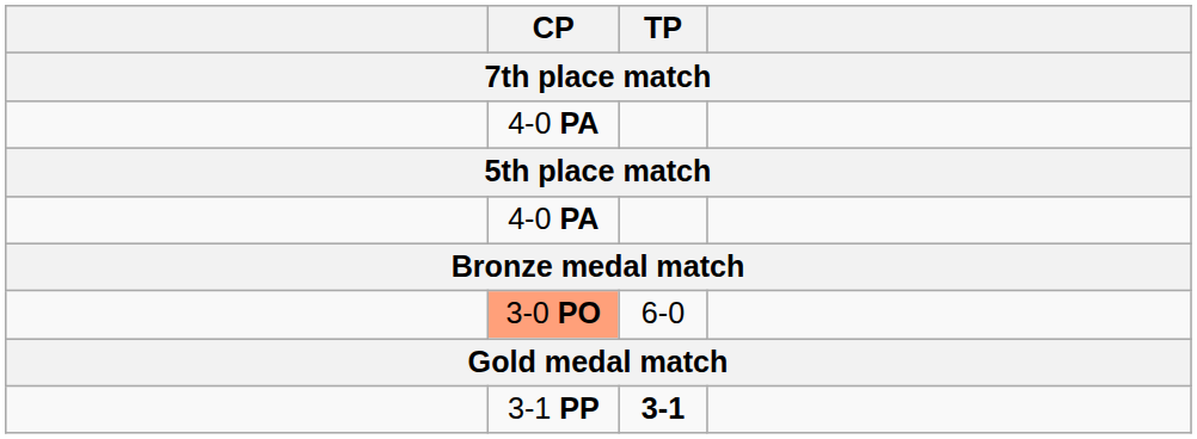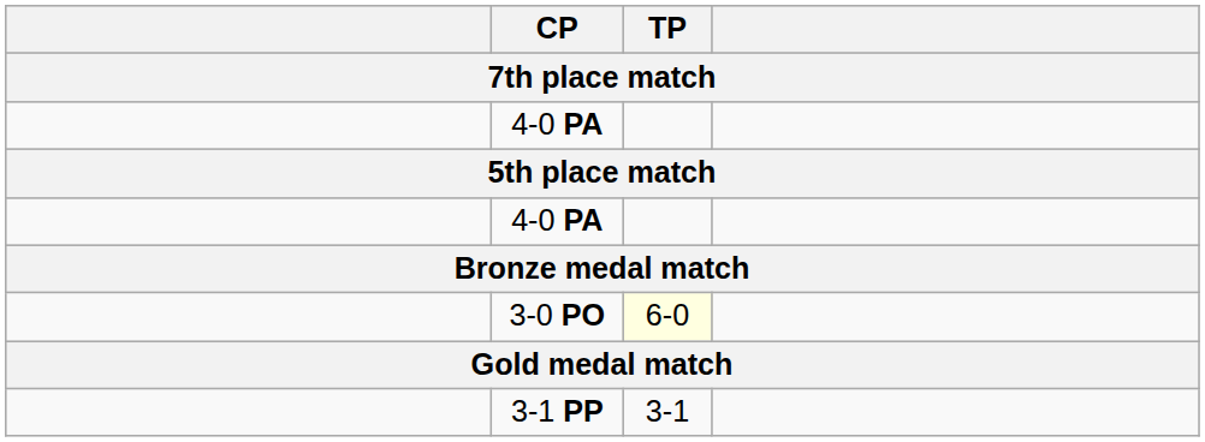 <table class="wikitable" style="text-align: center;" |>
 <tr>
 <th width="250"></th>
 <th width="62">CP</th>
 <th width="40">TP</th>
 <th width="250"></th>
 </tr>
 <tr>
 <th colspan="5">7th place match</th>
 </tr>
 <tr>
 <td style="text-align:left;"><strong></strong></td>
 <td>4-0 <strong>PA</strong></td>
 <td></td>
 <td style="text-align:left;"></td>
 </tr>
 <tr>
 <th colspan="5">5th place match</th>
 </tr>
 <tr>
 <td style="text-align:left;"><strong></strong></td>
 <td>4-0 <strong>PA</strong></td>
 <td></td>
 <td style="text-align:left;"></td>
 </tr>
 <tr>
 <th colspan="5">Bronze medal match</th>
 </tr>
 <tr>
 <td style="text-align:left;"><strong></strong></td>
-<td style="background: lightsalmon;">3-0 <strong>PO</strong></td>
-<td>6-0</td>
+<td>3-0 <strong>PO</strong></td>
+<td style="background: lightyellow;">6-0</td>
 <td style="text-align:left;"></td>
 </tr>
 <tr>
 <th colspan="5">Gold medal match</th>
 </tr>
 <tr>
 <td style="text-align:left;"><strong></strong></td>
 <td>3-1 <strong>PP</strong></td>
-<td><strong>3-1</strong></td>
+<td>3-1</td>
 <td style="text-align:left;"></td>
 </tr>
 </table>
